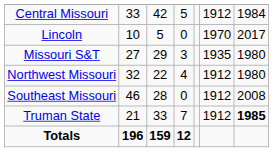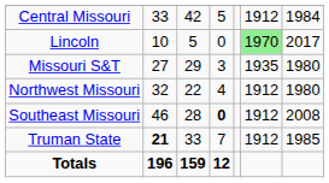 <table class="wikitable" style="text-align:center;">
 <tr>
 </tr>
 <tr style="text-align:center;" 2004–2012>
 <td><a href='#'>Central Missouri</a></td>
 <td>33</td>
 <td>42</td>
 <td>5</td>
 <td></td>
 <td>1912</td>
 <td>1984</td>
 </tr>
 <tr style="text-align:center;">
 <td><a href='#'>Lincoln</a></td>
 <td>10</td>
 <td>5</td>
 <td>0</td>
 <td></td>
-<td>1970</td>
+<td style="background: lightgreen;">1970</td>
 <td>2017</td>
 </tr>
 <tr style="text-align:center;">
 <td><a href='#'>Missouri S&T</a></td>
 <td>27</td>
 <td>29</td>
 <td>3</td>
 <td></td>
 <td>1935</td>
 <td>1980</td>
 </tr>
 <tr style="text-align:center;">
 <td><a href='#'>Northwest Missouri</a></td>
 <td>32</td>
 <td>22</td>
 <td>4</td>
 <td></td>
 <td>1912</td>
 <td>1980</td>
 </tr>
 <tr style="text-align:center;">
 <td><a href='#'>Southeast Missouri</a></td>
 <td>46</td>
 <td>28</td>
-<td>0</td>
+<td><strong>0</strong></td>
 <td></td>
 <td>1912</td>
 <td>2008</td>
 </tr>
 <tr style="text-align:center;">
 <td><a href='#'>Truman State</a></td>
-<td>21</td>
+<td><strong>21</strong></td>
 <td>33</td>
 <td>7</td>
 <td></td>
 <td>1912</td>
-<td><strong>1985</strong></td>
+<td>1985</td>
 </tr>
 <tr style="text-align:center; ">
 <td><strong>Totals</strong></td>
 <td><strong>196</strong></td>
 <td><strong>159</strong></td>
 <td><strong>12</strong></td>
 <td><strong></strong></td>
 <td></td>
 <td></td>
 </tr>
 </table>
